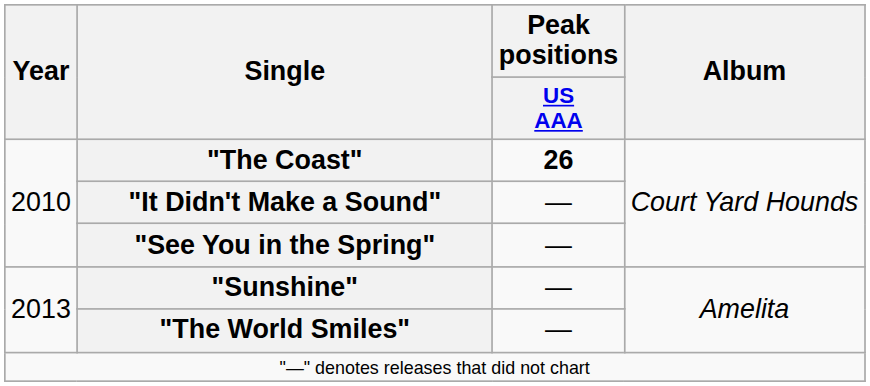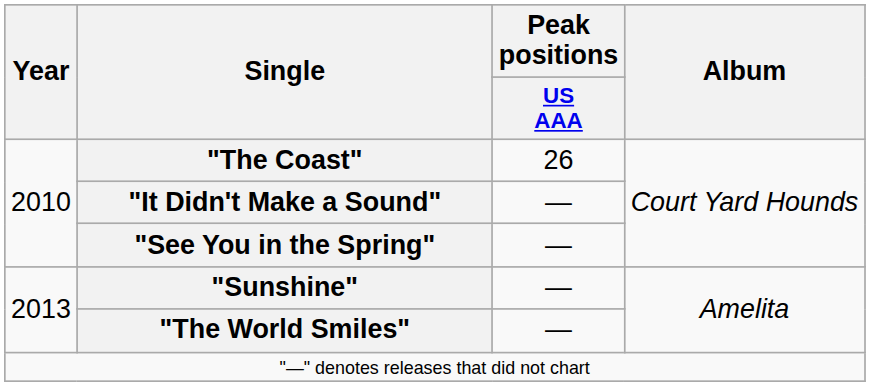 <table class="wikitable plainrowheaders" style="text-align:center;">
 <tr>
 <th rowspan="2">Year</th>
 <th rowspan="2" style="width:15em;">Single</th>
 <th>Peak positions</th>
 <th rowspan="2">Album</th>
 </tr>
 <tr style="font-size:smaller;">
 <th style="width:45px;"><a href='#'>US<br>AAA</a><br></th>
 </tr>
 <tr>
 <td rowspan="3">2010</td>
 <th scope="row">"The Coast"</th>
-<td><strong>26</strong></td>
+<td>26</td>
 <td rowspan="3"><em>Court Yard Hounds</em></td>
 </tr>
 <tr>
 <th scope="row">"It Didn't Make a Sound"</th>
 <td>—</td>
 </tr>
 <tr>
 <th scope="row">"See You in the Spring"</th>
 <td>—</td>
 </tr>
 <tr>
 <td rowspan="2">2013</td>
 <th scope="row">"Sunshine"</th>
 <td>—</td>
 <td rowspan="2"><em>Amelita</em></td>
 </tr>
 <tr>
 <th scope="row">"The World Smiles"</th>
 <td>—</td>
 </tr>
 <tr>
 <td colspan="4" style="font-size:8pt">"—" denotes releases that did not chart</td>
 </tr>
 </table>
